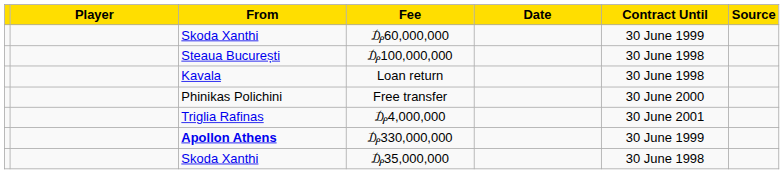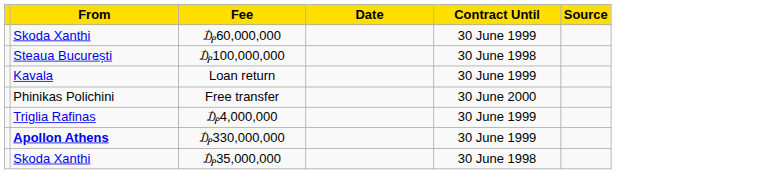 <table class="wikitable sortable">
 <tr>
 <th style="background:#FFDE00"></th>
-<th width=200 style="background:#FFDE00">Player</th>
 <th width=200 style="background:#FFDE00">From</th>
 <th width=150 style="background:#FFDE00">Fee</th>
 <th width=150 style="background:#FFDE00">Date</th>
 <th width=150 style="background:#FFDE00">Contract Until</th>
 <th style="background:#FFDE00">Source</th>
 </tr>
 <tr>
 <td align=center></td>
-<td></td>
 <td> <a href='#'>Skoda Xanthi</a></td>
 <td align=center>₯60,000,000</td>
 <td align=center></td>
 <td align=center>30 June 1999</td>
 <td align=center></td>
 </tr>
 <tr>
 <td align=center></td>
-<td></td>
 <td> <a href='#'>Steaua București</a></td>
 <td align=center>₯100,000,000</td>
 <td align=center></td>
 <td align=center>30 June 1998</td>
 <td align=center></td>
 </tr>
 <tr>
 <td align=center></td>
-<td></td>
 <td> <a href='#'>Kavala</a></td>
 <td align=center>Loan return</td>
 <td align=center></td>
-<td align=center>30 June 1998</td>
+<td align=center>30 June 1999</td>
 <td align=center></td>
 </tr>
 <tr>
 <td align=center></td>
-<td></td>
 <td> Phinikas Polichini</td>
 <td align=center>Free transfer</td>
 <td align=center></td>
 <td align=center>30 June 2000</td>
 <td align=center></td>
 </tr>
 <tr>
 <td align=center></td>
-<td></td>
 <td> <a href='#'>Triglia Rafinas</a></td>
 <td align=center>₯4,000,000</td>
 <td align=center></td>
-<td align=center>30 June 2001</td>
+<td align=center>30 June 1999</td>
 <td align=center></td>
 </tr>
 <tr>
 <td align=center></td>
-<td></td>
 <td><strong> <a href='#'>Apollon Athens</a></strong></td>
 <td align=center>₯330,000,000</td>
 <td align=center></td>
 <td align=center>30 June 1999</td>
 <td align=center></td>
 </tr>
 <tr>
 <td align=center></td>
-<td></td>
 <td> <a href='#'>Skoda Xanthi</a></td>
 <td align=center>₯35,000,000</td>
 <td align=center></td>
 <td align=center>30 June 1998</td>
 <td align=center></td>
 </tr>
 </table>
